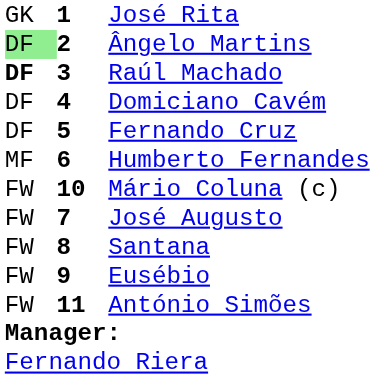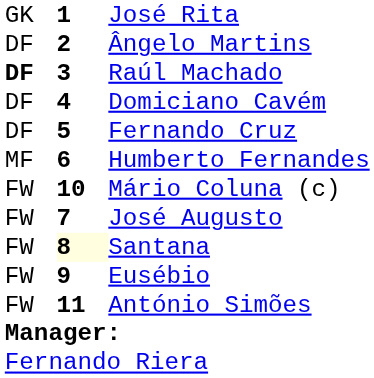 <table style="font-size: 90%" cellspacing="0" cellpadding="0" align=center>
 <tr>
 <td colspan="4"></td>
 </tr>
 <tr>
 <th width="25"></th>
 <th width="25"></th>
 </tr>
 <tr>
 <td>GK</td>
 <td><strong>1</strong></td>
 <td> <a href='#'>José Rita</a></td>
 </tr>
 <tr>
-<td style="background: lightgreen;">DF</td>
+<td>DF</td>
 <td><strong>2</strong></td>
 <td> <a href='#'>Ângelo Martins</a></td>
 </tr>
 <tr>
 <td><strong>DF</strong></td>
 <td><strong>3</strong></td>
 <td> <a href='#'>Raúl Machado</a></td>
 </tr>
 <tr>
 <td>DF</td>
 <td><strong>4</strong></td>
 <td> <a href='#'>Domiciano Cavém</a></td>
 </tr>
 <tr>
 <td>DF</td>
 <td><strong>5</strong></td>
 <td> <a href='#'>Fernando Cruz</a></td>
 </tr>
 <tr>
 <td>MF</td>
 <td><strong>6</strong></td>
 <td> <a href='#'>Humberto Fernandes</a></td>
 </tr>
 <tr>
 <td>FW</td>
 <td><strong>10</strong></td>
 <td> <a href='#'>Mário Coluna</a> (c)</td>
 </tr>
 <tr>
 <td>FW</td>
 <td><strong>7</strong></td>
 <td> <a href='#'>José Augusto</a></td>
 </tr>
 <tr>
 <td>FW</td>
-<td><strong>8</strong></td>
+<td style="background: lightyellow;"><strong>8</strong></td>
 <td> <a href='#'>Santana</a></td>
 </tr>
 <tr>
 <td>FW</td>
 <td><strong>9</strong></td>
 <td> <a href='#'>Eusébio</a></td>
 </tr>
 <tr>
 <td>FW</td>
 <td><strong>11</strong></td>
 <td> <a href='#'>António Simões</a></td>
 </tr>
 <tr>
 <td colspan=3><strong>Manager:</strong></td>
 </tr>
 <tr>
 <td colspan=4> <a href='#'>Fernando Riera</a></td>
 </tr>
 </table>
